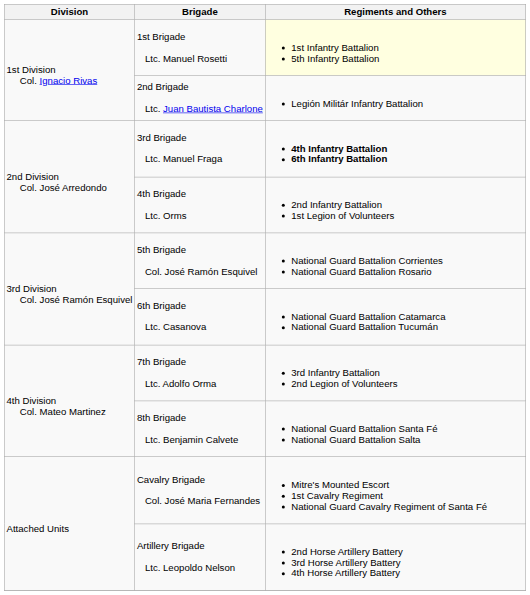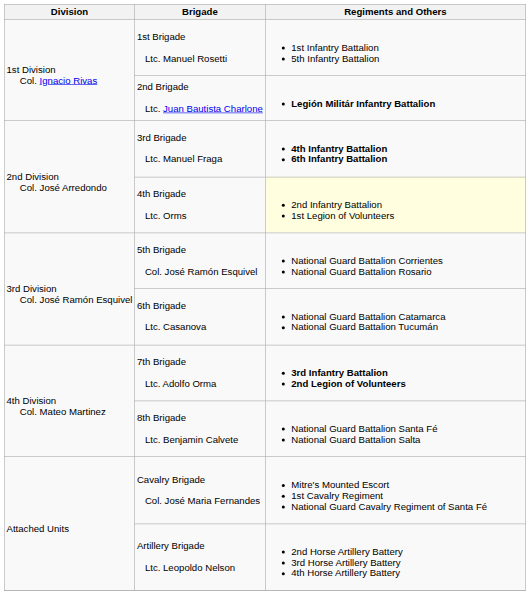 <table class="wikitable">
 <tr>
 <th width=25%>Division</th>
 <th width=25%>Brigade</th>
 <th>Regiments and Others</th>
 </tr>
 <tr>
 <td rowspan=2><br>1st Division <br>     Col. <a href='#'>Ignacio Rivas</a></td>
 <td>1st Brigade<br><br>   Ltc. Manuel Rosetti</td>
-<td style="background: lightyellow;"><br><ul><li>1st Infantry Battalion</li><li>5th Infantry Battalion</li></ul></td>
+<td><br><ul><li>1st Infantry Battalion</li><li>5th Infantry Battalion</li></ul></td>
 </tr>
 <tr>
 <td>2nd Brigade<br><br>   Ltc. <a href='#'>Juan Bautista Charlone</a></td>
-<td><br><ul><li>Legión Militár Infantry Battalion</li></ul></td>
+<td><strong><br><ul><li>Legión Militár Infantry Battalion</li></ul></strong></td>
 </tr>
 <tr>
 <td rowspan=2><br>2nd Division <br>     Col. José Arredondo</td>
 <td>3rd Brigade<br><br>   Ltc. Manuel Fraga</td>
 <td><strong><br><ul><li>4th Infantry Battalion</li><li>6th Infantry Battalion</li></ul></strong></td>
 </tr>
 <tr>
 <td>4th Brigade<br><br>   Ltc. Orms</td>
-<td><br><ul><li>2nd Infantry Battalion</li><li>1st Legion of Volunteers</li></ul></td>
+<td style="background: lightyellow;"><br><ul><li>2nd Infantry Battalion</li><li>1st Legion of Volunteers</li></ul></td>
 </tr>
 <tr>
 <td rowspan=2><br>3rd Division <br>     Col. José Ramón Esquivel</td>
 <td>5th Brigade<br><br>   Col. José Ramón Esquivel</td>
 <td><br><ul><li>National Guard Battalion Corrientes</li><li>National Guard Battalion Rosario</li></ul></td>
 </tr>
 <tr>
 <td>6th Brigade<br><br>   Ltc. Casanova</td>
 <td><br><ul><li>National Guard Battalion Catamarca</li><li>National Guard Battalion Tucumán</li></ul></td>
 </tr>
 <tr>
 <td rowspan=2><br>4th Division <br>     Col. Mateo Martinez</td>
 <td>7th Brigade<br><br>   Ltc. Adolfo Orma</td>
-<td><br><ul><li>3rd Infantry Battalion</li><li>2nd Legion of Volunteers</li></ul></td>
+<td><strong><br><ul><li>3rd Infantry Battalion</li><li>2nd Legion of Volunteers</li></ul></strong></td>
 </tr>
 <tr>
 <td>8th Brigade<br><br>   Ltc. Benjamin Calvete</td>
 <td><br><ul><li>National Guard Battalion Santa Fé</li><li>National Guard Battalion Salta</li></ul></td>
 </tr>
 <tr>
 <td rowspan=2><br>Attached Units</td>
 <td>Cavalry Brigade<br><br>   Col. José Maria Fernandes</td>
 <td><br><ul><li>Mitre's Mounted Escort</li><li>1st Cavalry Regiment</li><li>National Guard Cavalry Regiment of Santa Fé</li></ul></td>
 </tr>
 <tr>
 <td>Artillery Brigade<br><br>   Ltc. Leopoldo Nelson</td>
 <td><br><ul><li>2nd Horse Artillery Battery</li><li>3rd Horse Artillery Battery</li><li>4th Horse Artillery Battery</li></ul></td>
 </tr>
 <tr>
 </tr>
 </table>
